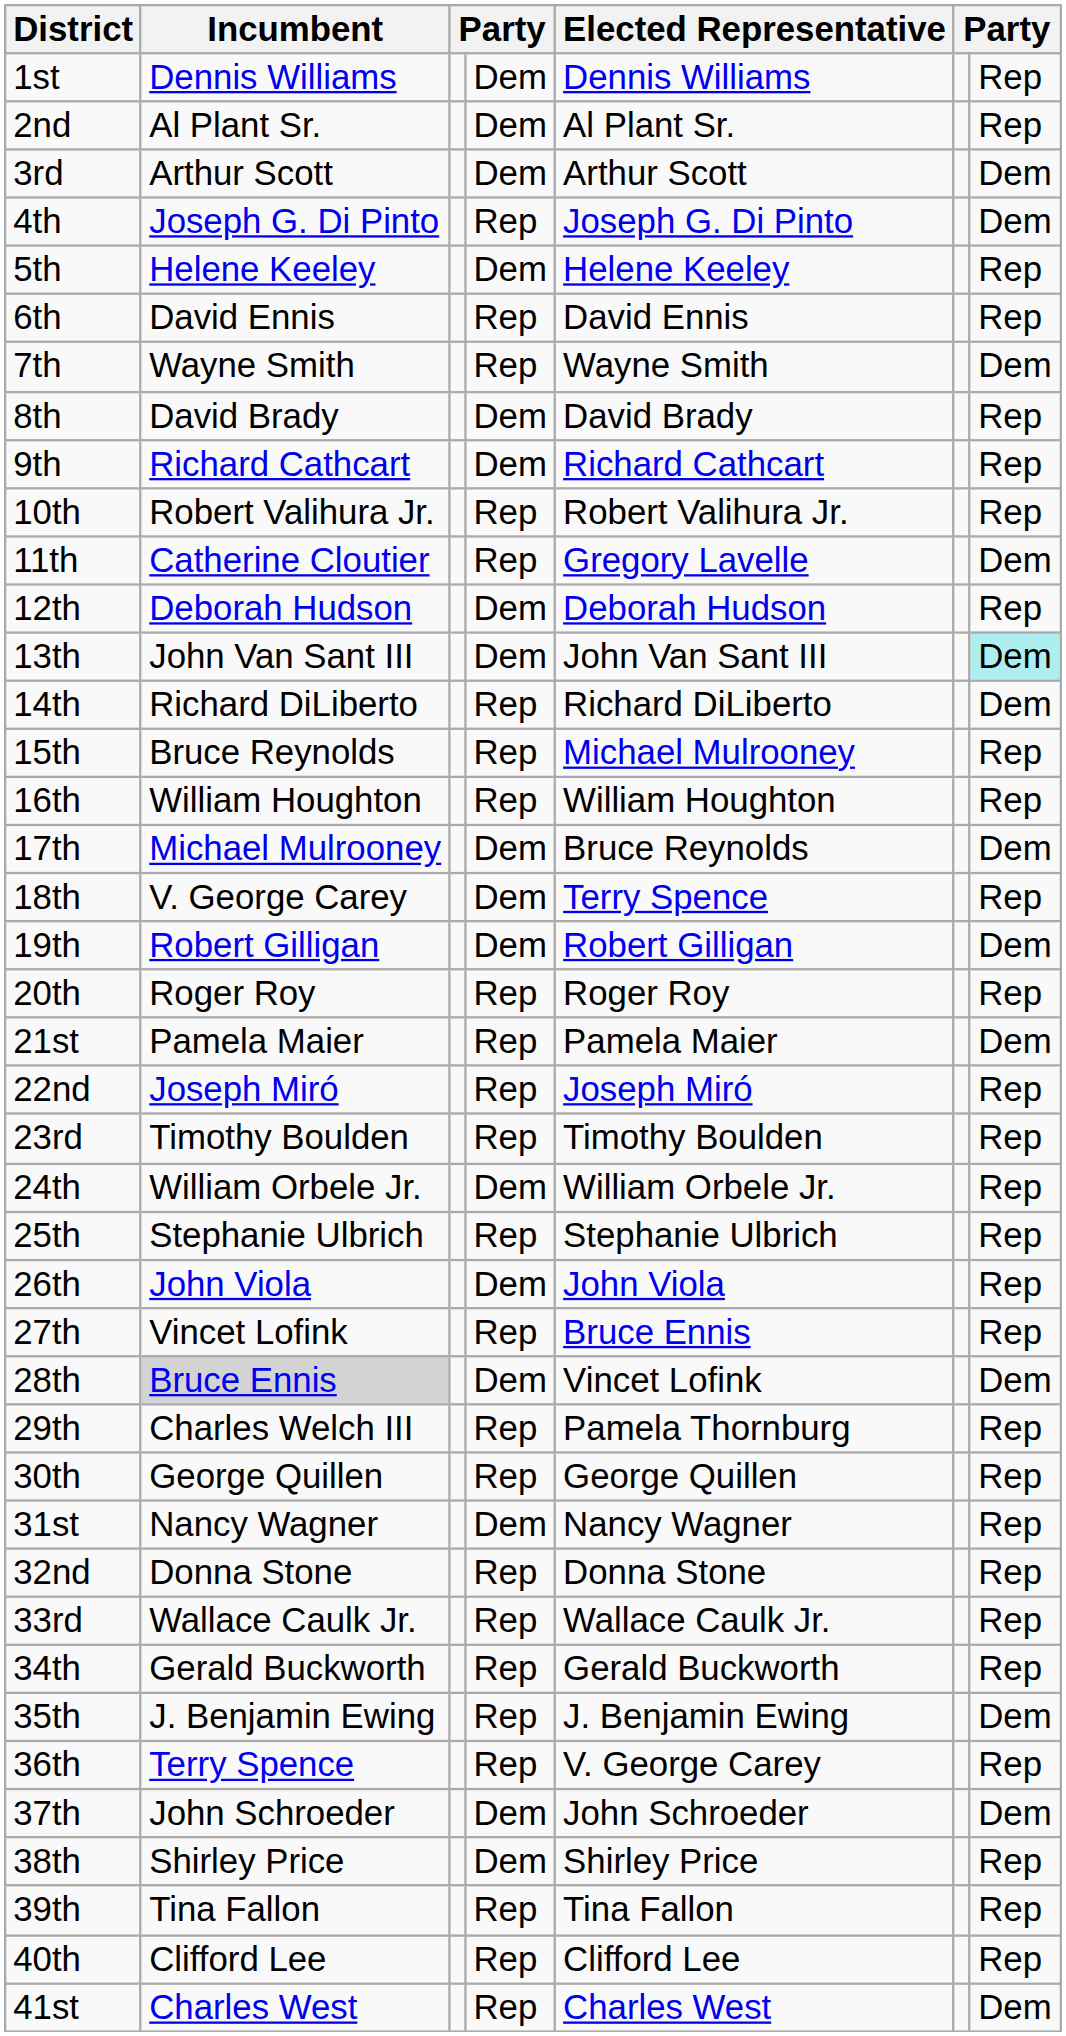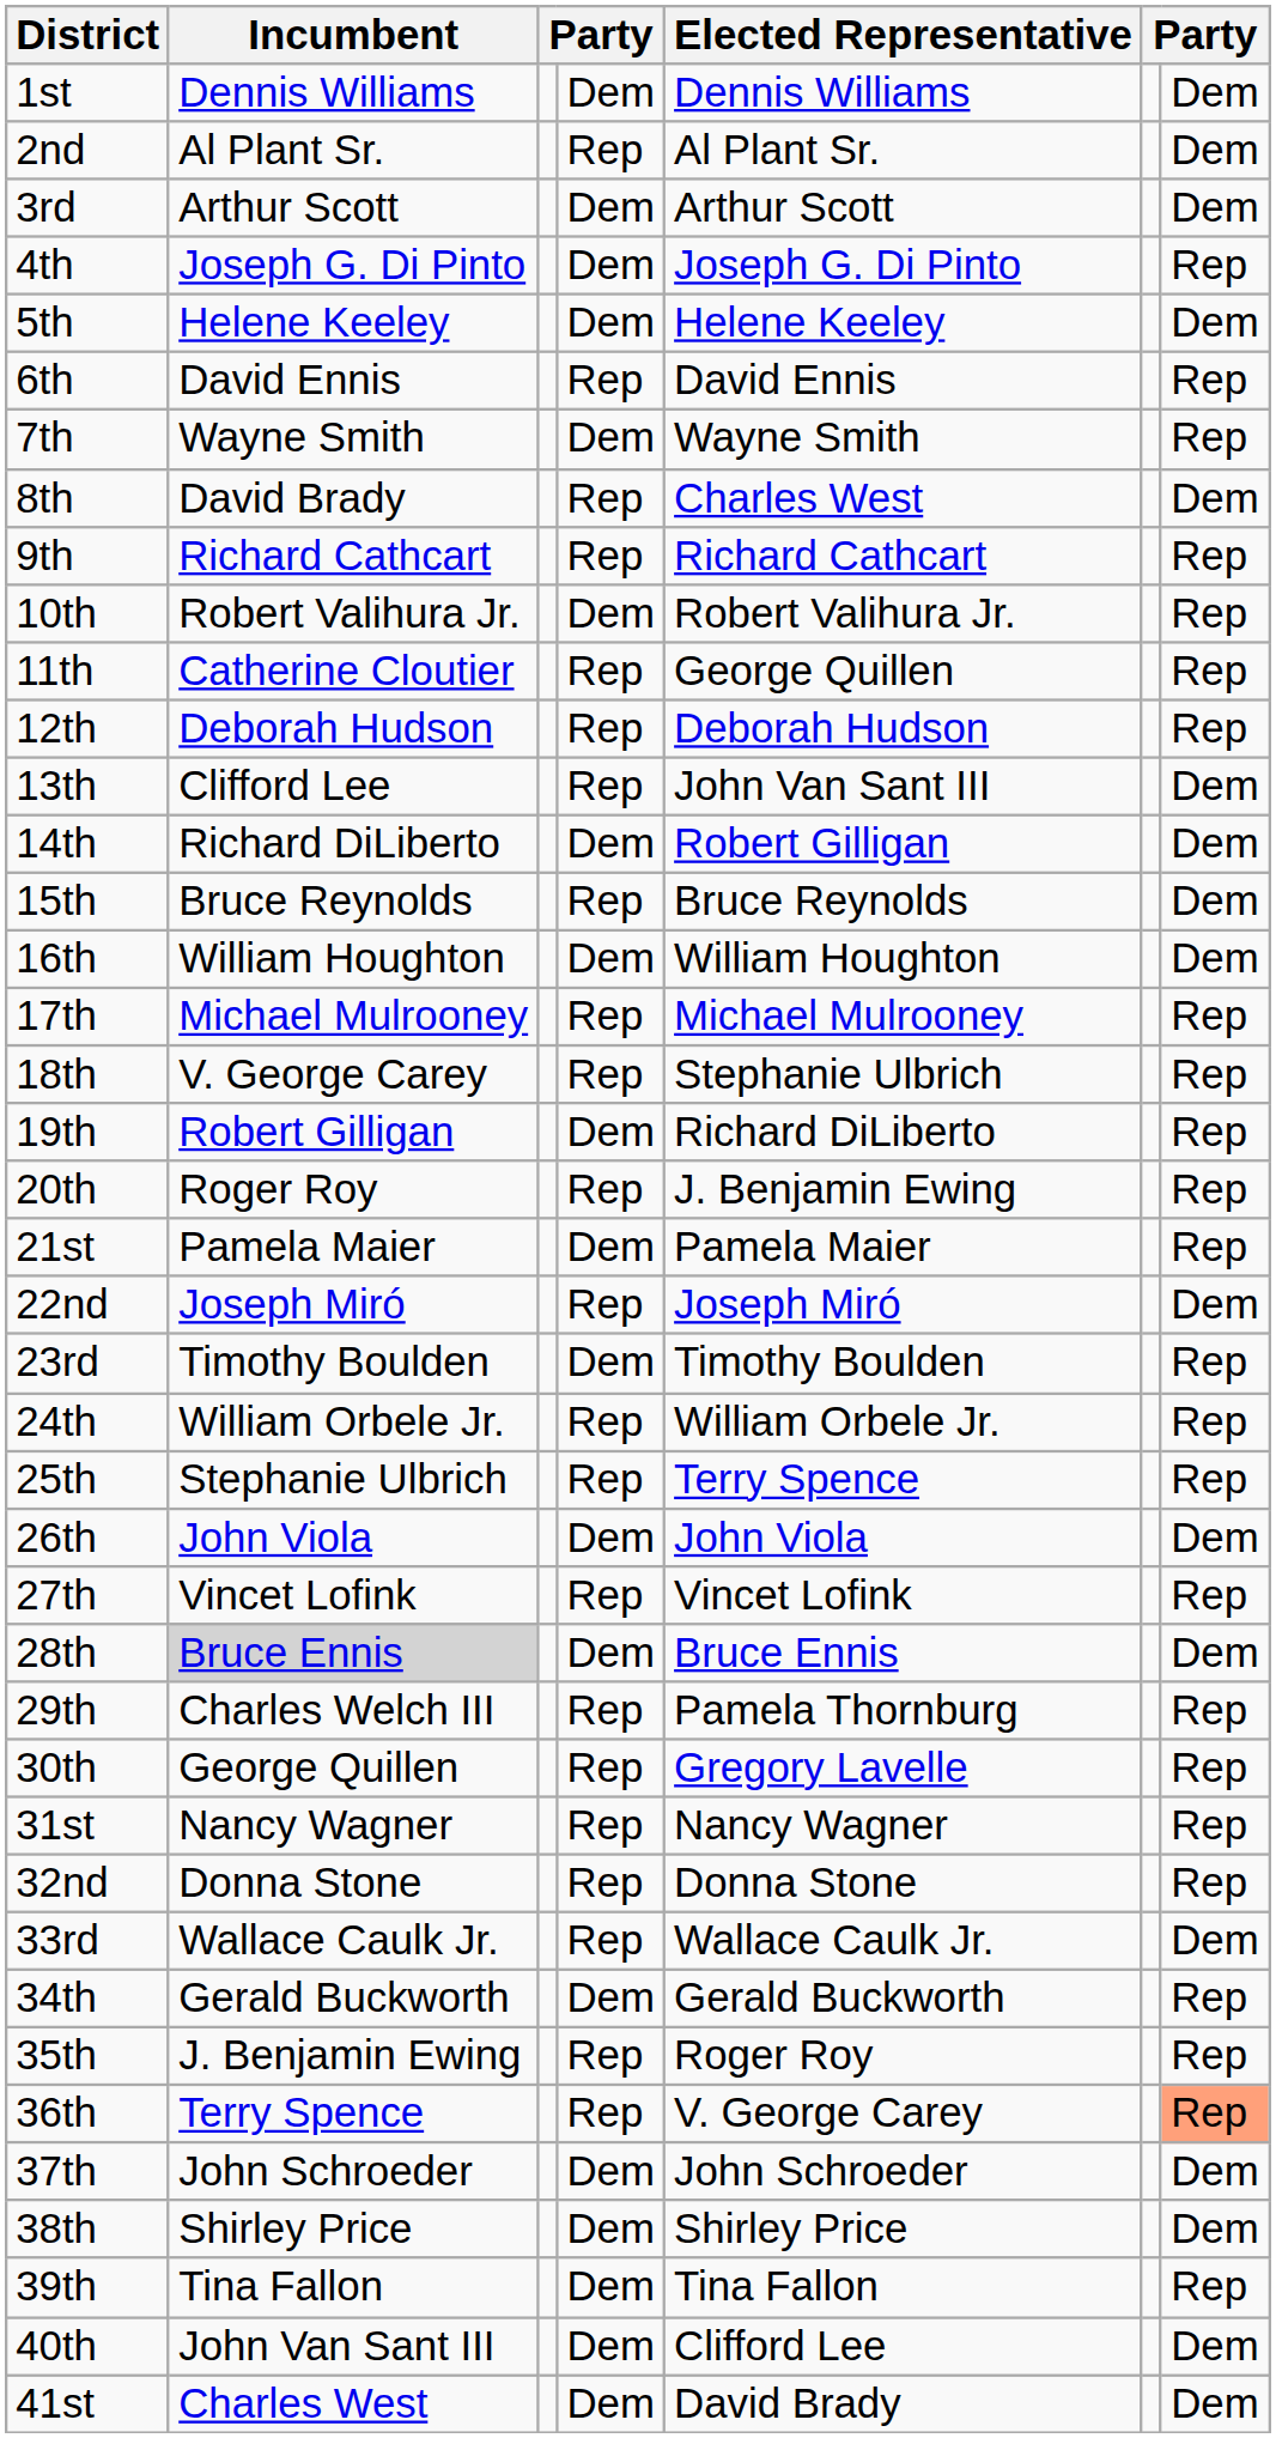 <table class="sortable wikitable" style="font-size:95%;line-height:14px;">
 <tr>
 <th class="sortable">District</th>
 <th class="unsortable">Incumbent</th>
 <th colspan="2">Party</th>
 <th class="unsortable">Elected Representative</th>
 <th colspan="2">Party</th>
 </tr>
 <tr>
 <td>1st</td>
 <td><a href='#'>Dennis Williams</a></td>
 <td style="background:"></td>
 <td>Dem</td>
 <td><a href='#'>Dennis Williams</a></td>
 <td style="background:"></td>
-<td>Rep</td>
+<td>Dem</td>
 </tr>
 <tr>
 <td>2nd</td>
 <td>Al Plant Sr.</td>
 <td style="background:"></td>
-<td>Dem</td>
+<td>Rep</td>
 <td>Al Plant Sr.</td>
 <td style="background:"></td>
-<td>Rep</td>
+<td>Dem</td>
 </tr>
 <tr>
 <td>3rd</td>
 <td>Arthur Scott</td>
 <td style="background:"></td>
 <td>Dem</td>
 <td>Arthur Scott</td>
 <td style="background:"></td>
 <td>Dem</td>
 </tr>
 <tr>
 <td>4th</td>
 <td><a href='#'>Joseph G. Di Pinto</a></td>
 <td style="background:"></td>
-<td>Rep</td>
+<td>Dem</td>
 <td><a href='#'>Joseph G. Di Pinto</a></td>
 <td style="background:"></td>
-<td>Dem</td>
+<td>Rep</td>
 </tr>
 <tr>
 <td>5th</td>
 <td><a href='#'>Helene Keeley</a></td>
 <td style="background:"></td>
 <td>Dem</td>
 <td><a href='#'>Helene Keeley</a></td>
 <td style="background:"></td>
-<td>Rep</td>
+<td>Dem</td>
 </tr>
 <tr>
 <td>6th</td>
 <td>David Ennis</td>
 <td style="background:"></td>
 <td>Rep</td>
 <td>David Ennis</td>
 <td style="background:"></td>
 <td>Rep</td>
 </tr>
 <tr>
 <td>7th</td>
 <td>Wayne Smith</td>
 <td style="background:"></td>
-<td>Rep</td>
+<td>Dem</td>
 <td>Wayne Smith</td>
 <td style="background:"></td>
-<td>Dem</td>
+<td>Rep</td>
 </tr>
 <tr>
 <td>8th</td>
 <td>David Brady</td>
 <td style="background:"></td>
+<td>Rep</td>
+<td><a href='#'>Charles West</a></td>
+<td style="background:"></td>
 <td>Dem</td>
-<td>David Brady</td>
-<td style="background:"></td>
-<td>Rep</td>
 </tr>
 <tr>
 <td>9th</td>
 <td><a href='#'>Richard Cathcart</a></td>
 <td style="background:"></td>
-<td>Dem</td>
+<td>Rep</td>
 <td><a href='#'>Richard Cathcart</a></td>
 <td style="background:"></td>
 <td>Rep</td>
 </tr>
 <tr>
 <td>10th</td>
 <td>Robert Valihura Jr.</td>
 <td style="background:"></td>
-<td>Rep</td>
+<td>Dem</td>
 <td>Robert Valihura Jr.</td>
 <td style="background:"></td>
 <td>Rep</td>
 </tr>
 <tr>
 <td>11th</td>
 <td><a href='#'>Catherine Cloutier</a></td>
 <td style="background:"></td>
 <td>Rep</td>
-<td><a href='#'>Gregory Lavelle</a></td>
+<td>George Quillen</td>
 <td style="background:"></td>
-<td>Dem</td>
+<td>Rep</td>
 </tr>
 <tr>
 <td>12th</td>
 <td><a href='#'>Deborah Hudson</a></td>
 <td style="background:"></td>
-<td>Dem</td>
+<td>Rep</td>
 <td><a href='#'>Deborah Hudson</a></td>
 <td style="background:"></td>
 <td>Rep</td>
 </tr>
 <tr>
 <td>13th</td>
+<td>Clifford Lee</td>
+<td style="background:"></td>
+<td>Rep</td>
 <td>John Van Sant III</td>
 <td style="background:"></td>
 <td>Dem</td>
-<td>John Van Sant III</td>
-<td style="background:"></td>
-<td style="background: paleturquoise;">Dem</td>
 </tr>
 <tr>
 <td>14th</td>
 <td>Richard DiLiberto</td>
 <td style="background:"></td>
-<td>Rep</td>
-<td>Richard DiLiberto</td>
+<td>Dem</td>
+<td><a href='#'>Robert Gilligan</a></td>
 <td style="background:"></td>
 <td>Dem</td>
 </tr>
 <tr>
 <td>15th</td>
 <td>Bruce Reynolds</td>
 <td style="background:"></td>
 <td>Rep</td>
+<td>Bruce Reynolds</td>
+<td style="background:"></td>
+<td>Dem</td>
+</tr>
+<tr>
+<td>16th</td>
+<td>William Houghton</td>
+<td style="background:"></td>
+<td>Dem</td>
+<td>William Houghton</td>
+<td style="background:"></td>
+<td>Dem</td>
+</tr>
+<tr>
+<td>17th</td>
+<td><a href='#'>Michael Mulrooney</a></td>
+<td style="background:"></td>
+<td>Rep</td>
 <td><a href='#'>Michael Mulrooney</a></td>
 <td style="background:"></td>
 <td>Rep</td>
 </tr>
 <tr>
-<td>16th</td>
-<td>William Houghton</td>
-<td style="background:"></td>
-<td>Rep</td>
-<td>William Houghton</td>
-<td style="background:"></td>
-<td>Rep</td>
-</tr>
-<tr>
-<td>17th</td>
-<td><a href='#'>Michael Mulrooney</a></td>
-<td style="background:"></td>
-<td>Dem</td>
-<td>Bruce Reynolds</td>
-<td style="background:"></td>
-<td>Dem</td>
-</tr>
-<tr>
 <td>18th</td>
 <td>V. George Carey</td>
 <td style="background:"></td>
-<td>Dem</td>
-<td><a href='#'>Terry Spence</a></td>
+<td>Rep</td>
+<td>Stephanie Ulbrich</td>
 <td style="background:"></td>
 <td>Rep</td>
 </tr>
 <tr>
 <td>19th</td>
 <td><a href='#'>Robert Gilligan</a></td>
 <td style="background:"></td>
 <td>Dem</td>
-<td><a href='#'>Robert Gilligan</a></td>
+<td>Richard DiLiberto</td>
 <td style="background:"></td>
-<td>Dem</td>
+<td>Rep</td>
 </tr>
 <tr>
 <td>20th</td>
 <td>Roger Roy</td>
 <td style="background:"></td>
 <td>Rep</td>
-<td>Roger Roy</td>
+<td>J. Benjamin Ewing</td>
 <td style="background:"></td>
 <td>Rep</td>
 </tr>
 <tr>
 <td>21st</td>
 <td>Pamela Maier</td>
 <td style="background:"></td>
-<td>Rep</td>
+<td>Dem</td>
 <td>Pamela Maier</td>
 <td style="background:"></td>
-<td>Dem</td>
+<td>Rep</td>
 </tr>
 <tr>
 <td>22nd</td>
 <td><a href='#'>Joseph Miró</a></td>
 <td style="background:"></td>
 <td>Rep</td>
 <td><a href='#'>Joseph Miró</a></td>
 <td style="background:"></td>
-<td>Rep</td>
+<td>Dem</td>
 </tr>
 <tr>
 <td>23rd</td>
 <td>Timothy Boulden</td>
 <td style="background:"></td>
-<td>Rep</td>
+<td>Dem</td>
 <td>Timothy Boulden</td>
 <td style="background:"></td>
 <td>Rep</td>
 </tr>
 <tr>
 <td>24th</td>
 <td>William Orbele Jr.</td>
 <td style="background:"></td>
-<td>Dem</td>
+<td>Rep</td>
 <td>William Orbele Jr.</td>
 <td style="background:"></td>
 <td>Rep</td>
 </tr>
 <tr>
 <td>25th</td>
 <td>Stephanie Ulbrich</td>
 <td style="background:"></td>
 <td>Rep</td>
-<td>Stephanie Ulbrich</td>
+<td><a href='#'>Terry Spence</a></td>
 <td style="background:"></td>
 <td>Rep</td>
 </tr>
 <tr>
 <td>26th</td>
 <td><a href='#'>John Viola</a></td>
 <td style="background:"></td>
 <td>Dem</td>
 <td><a href='#'>John Viola</a></td>
 <td style="background:"></td>
-<td>Rep</td>
+<td>Dem</td>
 </tr>
 <tr>
 <td>27th</td>
 <td>Vincet Lofink</td>
 <td style="background:"></td>
 <td>Rep</td>
-<td><a href='#'>Bruce Ennis</a></td>
+<td>Vincet Lofink</td>
 <td style="background:"></td>
 <td>Rep</td>
 </tr>
 <tr>
 <td>28th</td>
 <td style="background: lightgrey;"><a href='#'>Bruce Ennis</a></td>
 <td style="background:"></td>
 <td>Dem</td>
-<td>Vincet Lofink</td>
+<td><a href='#'>Bruce Ennis</a></td>
 <td style="background:"></td>
 <td>Dem</td>
 </tr>
 <tr>
 <td>29th</td>
 <td>Charles Welch III</td>
 <td style="background:"></td>
 <td>Rep</td>
 <td>Pamela Thornburg</td>
 <td style="background:"></td>
 <td>Rep</td>
 </tr>
 <tr>
 <td>30th</td>
 <td>George Quillen</td>
 <td style="background:"></td>
 <td>Rep</td>
-<td>George Quillen</td>
+<td><a href='#'>Gregory Lavelle</a></td>
 <td style="background:"></td>
 <td>Rep</td>
 </tr>
 <tr>
 <td>31st</td>
 <td>Nancy Wagner</td>
 <td style="background:"></td>
-<td>Dem</td>
+<td>Rep</td>
 <td>Nancy Wagner</td>
 <td style="background:"></td>
 <td>Rep</td>
 </tr>
 <tr>
 <td>32nd</td>
 <td>Donna Stone</td>
 <td style="background:"></td>
 <td>Rep</td>
 <td>Donna Stone</td>
 <td style="background:"></td>
 <td>Rep</td>
 </tr>
 <tr>
 <td>33rd</td>
 <td>Wallace Caulk Jr.</td>
 <td style="background:"></td>
 <td>Rep</td>
 <td>Wallace Caulk Jr.</td>
 <td style="background:"></td>
-<td>Rep</td>
+<td>Dem</td>
 </tr>
 <tr>
 <td>34th</td>
 <td>Gerald Buckworth</td>
 <td style="background:"></td>
-<td>Rep</td>
+<td>Dem</td>
 <td>Gerald Buckworth</td>
 <td style="background:"></td>
 <td>Rep</td>
 </tr>
 <tr>
 <td>35th</td>
 <td>J. Benjamin Ewing</td>
 <td style="background:"></td>
 <td>Rep</td>
-<td>J. Benjamin Ewing</td>
+<td>Roger Roy</td>
 <td style="background:"></td>
-<td>Dem</td>
+<td>Rep</td>
 </tr>
 <tr>
 <td>36th</td>
 <td><a href='#'>Terry Spence</a></td>
 <td style="background:"></td>
 <td>Rep</td>
 <td>V. George Carey</td>
 <td style="background:"></td>
-<td>Rep</td>
+<td style="background: lightsalmon;">Rep</td>
 </tr>
 <tr>
 <td>37th</td>
 <td>John Schroeder</td>
 <td style="background:"></td>
 <td>Dem</td>
 <td>John Schroeder</td>
 <td style="background:"></td>
 <td>Dem</td>
 </tr>
 <tr>
 <td>38th</td>
 <td>Shirley Price</td>
 <td style="background:"></td>
 <td>Dem</td>
 <td>Shirley Price</td>
 <td style="background:"></td>
-<td>Rep</td>
+<td>Dem</td>
 </tr>
 <tr>
 <td>39th</td>
 <td>Tina Fallon</td>
 <td style="background:"></td>
-<td>Rep</td>
+<td>Dem</td>
 <td>Tina Fallon</td>
 <td style="background:"></td>
 <td>Rep</td>
 </tr>
 <tr>
 <td>40th</td>
+<td>John Van Sant III</td>
+<td style="background:"></td>
+<td>Dem</td>
 <td>Clifford Lee</td>
 <td style="background:"></td>
-<td>Rep</td>
-<td>Clifford Lee</td>
-<td style="background:"></td>
-<td>Rep</td>
+<td>Dem</td>
 </tr>
 <tr>
 <td>41st</td>
 <td><a href='#'>Charles West</a></td>
 <td style="background:"></td>
-<td>Rep</td>
-<td><a href='#'>Charles West</a></td>
+<td>Dem</td>
+<td>David Brady</td>
 <td style="background:"></td>
 <td>Dem</td>
 </tr>
 <tr>
 </tr>
 </table>
